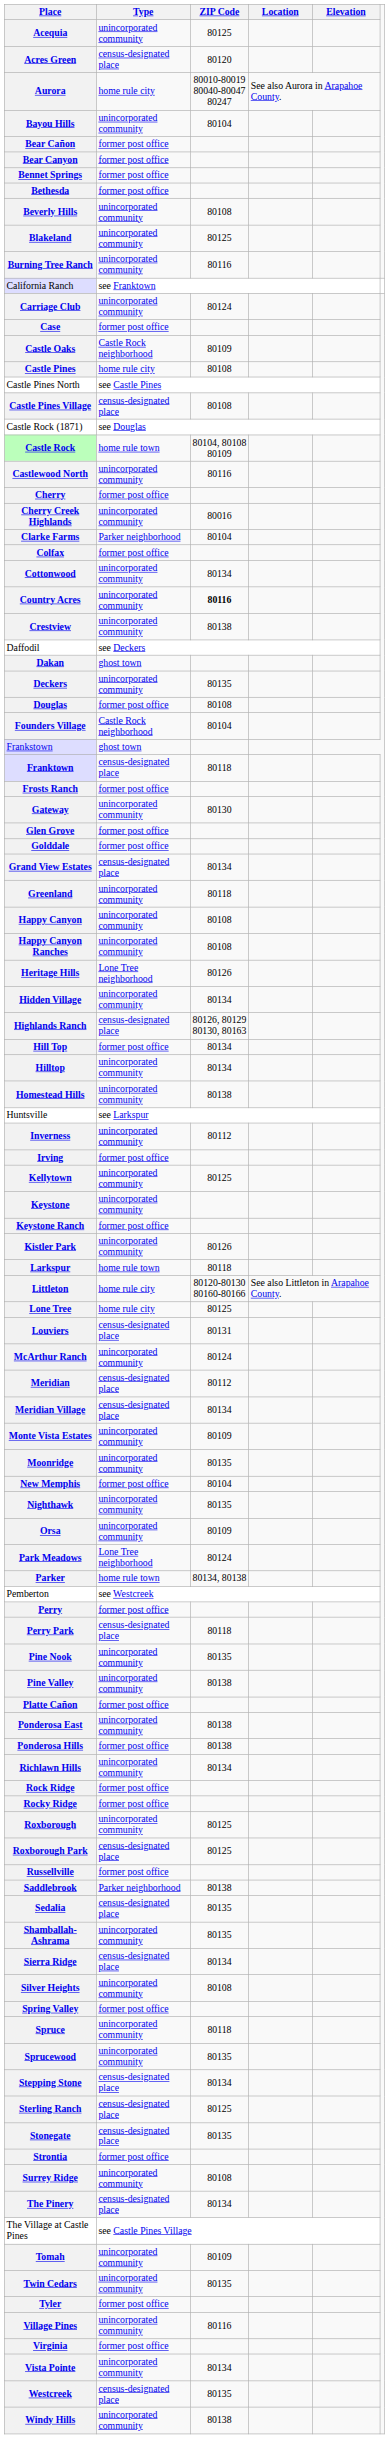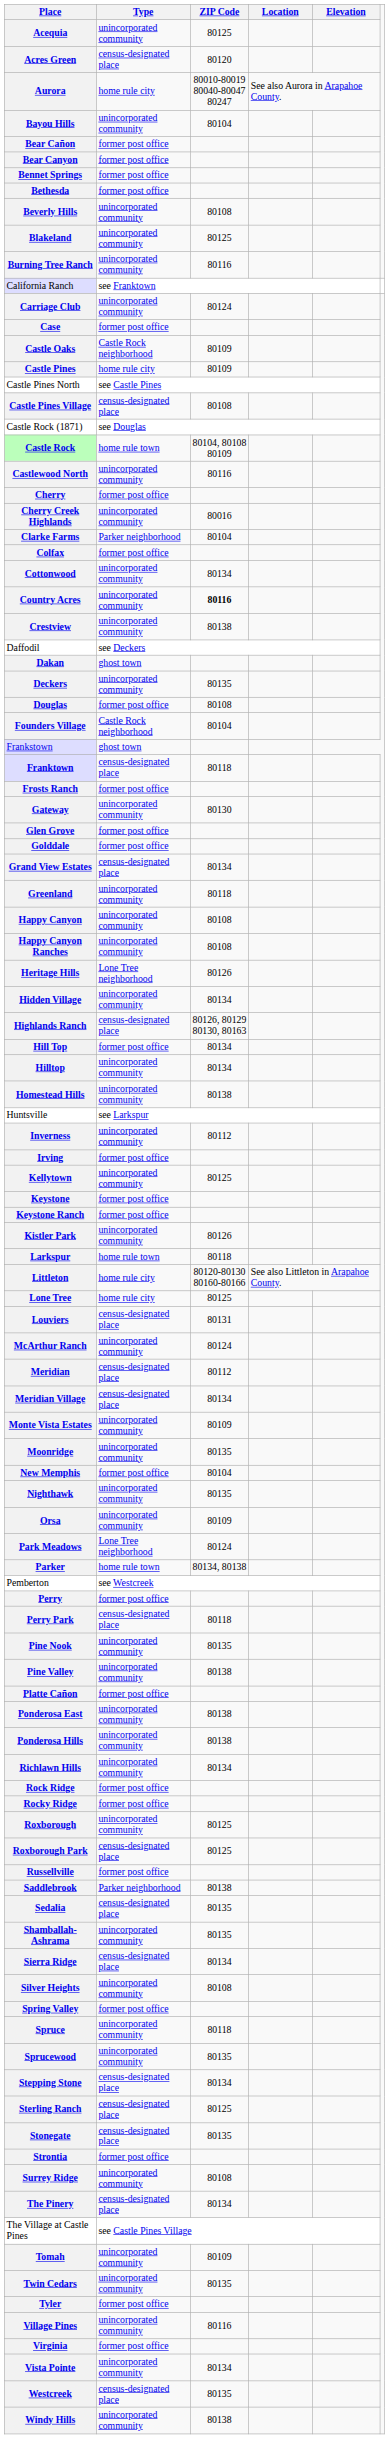 <table class="wikitable sortable  plainrowheaders" style="margin:auto;">
 <tr>
 <th scope=col><a href='#'>Place</a></th>
 <th scope=col><a href='#'>Type</a></th>
 <th scope=col><a href='#'>ZIP Code</a></th>
 <th scope=col><a href='#'>Location</a></th>
 <th scope=col><a href='#'>Elevation</a></th>
 </tr>
 <tr>
 <th scope=row><a href='#'>Acequia</a></th>
 <td><a href='#'>unincorporated community</a></td>
 <td align=center>80125</td>
 <td></td>
 <td align=right></td>
 </tr>
 <tr>
 <th scope=row><a href='#'>Acres Green</a></th>
 <td><a href='#'>census-designated place</a></td>
 <td align=center>80120</td>
 <td></td>
 <td align=right></td>
 </tr>
 <tr>
 <th scope=row><a href='#'>Aurora</a></th>
 <td><a href='#'>home rule city</a></td>
 <td align=center>80010-80019<br>80040-80047<br>80247</td>
 <td colspan=2>See also Aurora in <a href='#'>Arapahoe County</a>.</td>
 </tr>
 <tr>
 <th scope=row><a href='#'>Bayou Hills</a></th>
 <td><a href='#'>unincorporated community</a></td>
 <td align=center>80104</td>
 <td></td>
 <td align=right></td>
 </tr>
 <tr>
 <th scope=row><a href='#'>Bear Cañon</a></th>
 <td><a href='#'>former post office</a></td>
 <td align=center></td>
 <td></td>
 <td></td>
 </tr>
 <tr>
 <th scope=row><a href='#'>Bear Canyon</a></th>
 <td><a href='#'>former post office</a></td>
 <td align=center></td>
 <td></td>
 <td></td>
 </tr>
 <tr>
 <th scope=row><a href='#'>Bennet Springs</a></th>
 <td><a href='#'>former post office</a></td>
 <td align=center></td>
 <td></td>
 <td></td>
 </tr>
 <tr>
 <th scope=row><a href='#'>Bethesda</a></th>
 <td><a href='#'>former post office</a></td>
 <td align=center></td>
 <td></td>
 <td></td>
 </tr>
 <tr>
 <th scope=row><a href='#'>Beverly Hills</a></th>
 <td><a href='#'>unincorporated community</a></td>
 <td align=center>80108</td>
 <td></td>
 <td align=right></td>
 </tr>
 <tr>
 <th scope=row><a href='#'>Blakeland</a></th>
 <td><a href='#'>unincorporated community</a></td>
 <td align=center>80125</td>
 <td></td>
 <td align=right></td>
 </tr>
 <tr>
 <th scope=row><a href='#'>Burning Tree Ranch</a></th>
 <td><a href='#'>unincorporated community</a></td>
 <td align=center>80116</td>
 <td></td>
 <td align=right></td>
 </tr>
 <tr bgcolor=white>
 <td style="background:#DDDDFF;">California Ranch</td>
 <td colspan=4>see <a href='#'>Franktown</a></td>
 <td align=center></td>
 </tr>
 <tr>
 <th scope=row><a href='#'>Carriage Club</a></th>
 <td><a href='#'>unincorporated community</a></td>
 <td align=center>80124</td>
 <td></td>
 <td align=right></td>
 </tr>
 <tr>
 <th scope=row><a href='#'>Case</a></th>
 <td><a href='#'>former post office</a></td>
 <td align=center></td>
 <td></td>
 <td></td>
 </tr>
 <tr>
 <th scope=row><a href='#'>Castle Oaks</a></th>
 <td><a href='#'>Castle Rock neighborhood</a></td>
 <td align=center>80109</td>
 <td></td>
 <td align=right></td>
 </tr>
 <tr>
 <th scope=row><a href='#'>Castle Pines</a></th>
 <td><a href='#'>home rule city</a></td>
-<td align=center>80108</td>
+<td align=center>80109</td>
 <td></td>
 <td align=right></td>
 </tr>
 <tr bgcolor=white>
 <td>Castle Pines North</td>
 <td colspan=4>see <a href='#'>Castle Pines</a></td>
 </tr>
 <tr>
 <th scope=row><a href='#'>Castle Pines Village</a></th>
 <td><a href='#'>census-designated place</a></td>
 <td align=center>80108</td>
 <td></td>
 <td align=right></td>
 </tr>
 <tr bgcolor=white>
 <td>Castle Rock (1871)</td>
 <td colspan=4>see <a href='#'>Douglas</a></td>
 </tr>
 <tr>
 <th scope=row style="background:#BBFFBB;"><a href='#'>Castle Rock</a></th>
 <td><a href='#'>home rule town</a></td>
 <td align=center>80104, 80108<br>80109</td>
 <td></td>
 <td align=right></td>
 </tr>
 <tr>
 <th scope=row><a href='#'>Castlewood North</a></th>
 <td><a href='#'>unincorporated community</a></td>
 <td align=center>80116</td>
 <td></td>
 <td align=right></td>
 </tr>
 <tr>
 <th scope=row><a href='#'>Cherry</a></th>
 <td><a href='#'>former post office</a></td>
 <td align=center></td>
 <td></td>
 <td></td>
 </tr>
 <tr>
 <th scope=row><a href='#'>Cherry Creek Highlands</a></th>
 <td><a href='#'>unincorporated community</a></td>
 <td align=center>80016</td>
 <td></td>
 <td align=right></td>
 </tr>
 <tr>
 <th scope=row><a href='#'>Clarke Farms</a></th>
 <td><a href='#'>Parker neighborhood</a></td>
 <td align=center>80104</td>
 <td></td>
 <td align=right></td>
 </tr>
 <tr>
 <th scope=row><a href='#'>Colfax</a></th>
 <td><a href='#'>former post office</a></td>
 <td align=center></td>
 <td></td>
 <td></td>
 </tr>
 <tr>
 <th scope=row><a href='#'>Cottonwood</a></th>
 <td><a href='#'>unincorporated community</a></td>
 <td align=center>80134</td>
 <td></td>
 <td align=right></td>
 </tr>
 <tr>
 <th scope=row><a href='#'>Country Acres</a></th>
 <td><a href='#'>unincorporated community</a></td>
 <td align=center><strong>80116</strong></td>
 <td></td>
 <td align=right></td>
 </tr>
 <tr>
 <th scope=row><a href='#'>Crestview</a></th>
 <td><a href='#'>unincorporated community</a></td>
 <td align=center>80138</td>
 <td></td>
 <td align=right></td>
 </tr>
 <tr bgcolor=white>
 <td>Daffodil</td>
 <td colspan=4>see <a href='#'>Deckers</a></td>
 </tr>
 <tr>
 <th scope=row><a href='#'>Dakan</a></th>
 <td><a href='#'>ghost town</a></td>
 <td align=center></td>
 <td></td>
 <td></td>
 </tr>
 <tr>
 <th scope=row><a href='#'>Deckers</a></th>
 <td><a href='#'>unincorporated community</a></td>
 <td align=center>80135</td>
 <td></td>
 <td align=right></td>
 </tr>
 <tr>
 <th scope=row><a href='#'>Douglas</a></th>
 <td><a href='#'>former post office</a></td>
 <td align=center>80108</td>
 <td></td>
 <td></td>
 </tr>
 <tr>
 <th scope=row><a href='#'>Founders Village</a></th>
 <td><a href='#'>Castle Rock neighborhood</a></td>
 <td align=center>80104</td>
 <td></td>
 <td align=right></td>
 </tr>
 <tr>
 <td style="background:#DDDDFF;"><a href='#'>Frankstown</a></td>
 <td><a href='#'>ghost town</a></td>
 <td></td>
 <td></td>
 </tr>
 <tr>
 <th scope=row style="background:#DDDDFF;"><a href='#'>Franktown</a></th>
 <td><a href='#'>census-designated place</a></td>
 <td align=center>80118</td>
 <td></td>
 <td align=right></td>
 </tr>
 <tr>
 <th scope=row><a href='#'>Frosts Ranch</a></th>
 <td><a href='#'>former post office</a></td>
 <td align=center></td>
 <td></td>
 <td></td>
 </tr>
 <tr>
 <th scope=row><a href='#'>Gateway</a></th>
 <td><a href='#'>unincorporated community</a></td>
 <td align=center>80130</td>
 <td></td>
 <td align=right></td>
 </tr>
 <tr>
 <th scope=row><a href='#'>Glen Grove</a></th>
 <td><a href='#'>former post office</a></td>
 <td align=center></td>
 <td></td>
 <td></td>
 </tr>
 <tr>
 <th scope=row><a href='#'>Golddale</a></th>
 <td><a href='#'>former post office</a></td>
 <td align=center></td>
 <td></td>
 <td></td>
 </tr>
 <tr>
 <th scope=row><a href='#'>Grand View Estates</a></th>
 <td><a href='#'>census-designated place</a></td>
 <td align=center>80134</td>
 <td></td>
 <td align=right></td>
 </tr>
 <tr>
 <th scope=row><a href='#'>Greenland</a></th>
 <td><a href='#'>unincorporated community</a></td>
 <td align=center>80118</td>
 <td></td>
 <td align=right></td>
 </tr>
 <tr>
 <th scope=row><a href='#'>Happy Canyon</a></th>
 <td><a href='#'>unincorporated community</a></td>
 <td align=center>80108</td>
 <td></td>
 <td align=right></td>
 </tr>
 <tr>
 <th scope=row><a href='#'>Happy Canyon Ranches</a></th>
 <td><a href='#'>unincorporated community</a></td>
 <td align=center>80108</td>
 <td></td>
 <td align=right></td>
 </tr>
 <tr>
 <th scope=row><a href='#'>Heritage Hills</a></th>
 <td><a href='#'>Lone Tree neighborhood</a></td>
 <td align=center>80126</td>
 <td></td>
 <td align=right></td>
 </tr>
 <tr>
 <th scope=row><a href='#'>Hidden Village</a></th>
 <td><a href='#'>unincorporated community</a></td>
 <td align=center>80134</td>
 <td></td>
 <td align=right></td>
 </tr>
 <tr>
 <th scope=row><a href='#'>Highlands Ranch</a></th>
 <td><a href='#'>census-designated place</a></td>
 <td align=center>80126, 80129<br>80130, 80163</td>
 <td></td>
 <td align=right></td>
 </tr>
 <tr>
 <th scope=row><a href='#'>Hill Top</a></th>
 <td><a href='#'>former post office</a></td>
 <td align=center>80134</td>
 <td></td>
 <td></td>
 </tr>
 <tr>
 <th scope=row><a href='#'>Hilltop</a></th>
 <td><a href='#'>unincorporated community</a></td>
 <td align=center>80134</td>
 <td></td>
 <td align=right></td>
 </tr>
 <tr>
 <th scope=row><a href='#'>Homestead Hills</a></th>
 <td><a href='#'>unincorporated community</a></td>
 <td align=center>80138</td>
 <td></td>
 <td align=right></td>
 </tr>
 <tr bgcolor=white>
 <td>Huntsville</td>
 <td colspan=4>see <a href='#'>Larkspur</a></td>
 </tr>
 <tr>
 <th scope=row><a href='#'>Inverness</a></th>
 <td><a href='#'>unincorporated community</a></td>
 <td align=center>80112</td>
 <td></td>
 <td align=right></td>
 </tr>
 <tr>
 <th scope=row><a href='#'>Irving</a></th>
 <td><a href='#'>former post office</a></td>
 <td align=center></td>
 <td></td>
 <td></td>
 </tr>
 <tr>
 <th scope=row><a href='#'>Kellytown</a></th>
 <td><a href='#'>unincorporated community</a></td>
 <td align=center>80125</td>
 <td></td>
 <td align=right></td>
 </tr>
 <tr>
 <th scope=row><a href='#'>Keystone</a></th>
-<td><a href='#'>unincorporated community</a></td>
+<td><a href='#'>former post office</a></td>
 <td align=center></td>
 <td></td>
 <td></td>
 </tr>
 <tr>
 <th scope=row><a href='#'>Keystone Ranch</a></th>
 <td><a href='#'>former post office</a></td>
 <td align=center></td>
 <td></td>
 <td></td>
 </tr>
 <tr>
 <th scope=row><a href='#'>Kistler Park</a></th>
 <td><a href='#'>unincorporated community</a></td>
 <td align=center>80126</td>
 <td></td>
 <td align=right></td>
 </tr>
 <tr>
 <th scope=row><a href='#'>Larkspur</a></th>
 <td><a href='#'>home rule town</a></td>
 <td align=center>80118</td>
 <td></td>
 <td align=right></td>
 </tr>
 <tr>
 <th scope=row><a href='#'>Littleton</a></th>
 <td><a href='#'>home rule city</a></td>
 <td align=center>80120-80130<br>80160-80166</td>
 <td colspan=2>See also Littleton in <a href='#'>Arapahoe County</a>.</td>
 </tr>
 <tr>
 <th scope=row><a href='#'>Lone Tree</a></th>
 <td><a href='#'>home rule city</a></td>
 <td align=center>80125</td>
 <td></td>
 <td align=right></td>
 </tr>
 <tr>
 <th scope=row><a href='#'>Louviers</a></th>
 <td><a href='#'>census-designated place</a></td>
 <td align=center>80131</td>
 <td></td>
 <td align=right></td>
 </tr>
 <tr>
 <th scope=row><a href='#'>McArthur Ranch</a></th>
 <td><a href='#'>unincorporated community</a></td>
 <td align=center>80124</td>
 <td></td>
 <td align=right></td>
 </tr>
 <tr>
 <th scope=row><a href='#'>Meridian</a></th>
 <td><a href='#'>census-designated place</a></td>
 <td align=center>80112</td>
 <td></td>
 <td align=right></td>
 </tr>
 <tr>
 <th scope=row><a href='#'>Meridian Village</a></th>
 <td><a href='#'>census-designated place</a></td>
 <td align=center>80134</td>
 <td></td>
 <td align=right></td>
 </tr>
 <tr>
 <th scope=row><a href='#'>Monte Vista Estates</a></th>
 <td><a href='#'>unincorporated community</a></td>
 <td align=center>80109</td>
 <td></td>
 <td align=right></td>
 </tr>
 <tr>
 <th scope=row><a href='#'>Moonridge</a></th>
 <td><a href='#'>unincorporated community</a></td>
 <td align=center>80135</td>
 <td></td>
 <td align=right></td>
 </tr>
 <tr>
 <th scope=row><a href='#'>New Memphis</a></th>
 <td><a href='#'>former post office</a></td>
 <td align=center>80104</td>
 <td></td>
 <td></td>
 </tr>
 <tr>
 <th scope=row><a href='#'>Nighthawk</a></th>
 <td><a href='#'>unincorporated community</a></td>
 <td align=center>80135</td>
 <td></td>
 <td align=right></td>
 </tr>
 <tr>
 <th scope=row><a href='#'>Orsa</a></th>
 <td><a href='#'>unincorporated community</a></td>
 <td align=center>80109</td>
 <td></td>
 <td align=right></td>
 </tr>
 <tr>
 <th scope=row><a href='#'>Park Meadows</a></th>
 <td><a href='#'>Lone Tree neighborhood</a></td>
 <td align=center>80124</td>
 <td></td>
 <td align=right></td>
 </tr>
 <tr>
 <th scope=row><a href='#'>Parker</a></th>
 <td><a href='#'>home rule town</a></td>
 <td align=center>80134, 80138</td>
 <td></td>
 <td align=right></td>
 </tr>
 <tr bgcolor=white>
 <td>Pemberton</td>
 <td colspan=4>see <a href='#'>Westcreek</a></td>
 </tr>
 <tr>
 <th scope=row><a href='#'>Perry</a></th>
 <td><a href='#'>former post office</a></td>
 <td align=center></td>
 <td></td>
 <td></td>
 </tr>
 <tr>
 <th scope=row><a href='#'>Perry Park</a></th>
 <td><a href='#'>census-designated place</a></td>
 <td align=center>80118</td>
 <td></td>
 <td align=right></td>
 </tr>
 <tr>
 <th scope=row><a href='#'>Pine Nook</a></th>
 <td><a href='#'>unincorporated community</a></td>
 <td align=center>80135</td>
 <td></td>
 <td align=right></td>
 </tr>
 <tr>
 <th scope=row><a href='#'>Pine Valley</a></th>
 <td><a href='#'>unincorporated community</a></td>
 <td align=center>80138</td>
 <td></td>
 <td align=right></td>
 </tr>
 <tr>
 <th scope=row><a href='#'>Platte Cañon</a></th>
 <td><a href='#'>former post office</a></td>
 <td align=center></td>
 <td></td>
 <td></td>
 </tr>
 <tr>
 <th scope=row><a href='#'>Ponderosa East</a></th>
 <td><a href='#'>unincorporated community</a></td>
 <td align=center>80138</td>
 <td></td>
 <td align=right></td>
 </tr>
 <tr>
 <th scope=row><a href='#'>Ponderosa Hills</a></th>
-<td><a href='#'>former post office</a></td>
+<td><a href='#'>unincorporated community</a></td>
 <td align=center>80138</td>
 <td></td>
 <td align=right></td>
 </tr>
 <tr>
 <th scope=row><a href='#'>Richlawn Hills</a></th>
 <td><a href='#'>unincorporated community</a></td>
 <td align=center>80134</td>
 <td></td>
 <td align=right></td>
 </tr>
 <tr>
 <th scope=row><a href='#'>Rock Ridge</a></th>
 <td><a href='#'>former post office</a></td>
 <td align=center></td>
 <td></td>
 <td></td>
 </tr>
 <tr>
 <th scope=row><a href='#'>Rocky Ridge</a></th>
 <td><a href='#'>former post office</a></td>
 <td align=center></td>
 <td></td>
 <td></td>
 </tr>
 <tr>
 <th scope=row><a href='#'>Roxborough</a></th>
 <td><a href='#'>unincorporated community</a></td>
 <td align=center>80125</td>
 <td></td>
 <td align=right></td>
 </tr>
 <tr>
 <th scope=row><a href='#'>Roxborough Park</a></th>
 <td><a href='#'>census-designated place</a></td>
 <td align=center>80125</td>
 <td></td>
 <td align=right></td>
 </tr>
 <tr>
 <th scope=row><a href='#'>Russellville</a></th>
 <td><a href='#'>former post office</a></td>
 <td align=center></td>
 <td></td>
 <td></td>
 </tr>
 <tr>
 <th scope=row><a href='#'>Saddlebrook</a></th>
 <td><a href='#'>Parker neighborhood</a></td>
 <td align=center>80138</td>
 <td></td>
 <td align=right></td>
 </tr>
 <tr>
 <th scope=row><a href='#'>Sedalia</a></th>
 <td><a href='#'>census-designated place</a></td>
 <td align=center>80135</td>
 <td></td>
 <td align=right></td>
 </tr>
 <tr>
 <th scope=row><a href='#'>Shamballah-Ashrama</a></th>
 <td><a href='#'>unincorporated community</a></td>
 <td align=center>80135</td>
 <td></td>
 <td align=right></td>
 </tr>
 <tr>
 <th scope=row><a href='#'>Sierra Ridge</a></th>
 <td><a href='#'>census-designated place</a></td>
 <td align=center>80134</td>
 <td></td>
 <td align=right></td>
 </tr>
 <tr>
 <th scope=row><a href='#'>Silver Heights</a></th>
 <td><a href='#'>unincorporated community</a></td>
 <td align=center>80108</td>
 <td></td>
 <td align=right></td>
 </tr>
 <tr>
 <th scope=row><a href='#'>Spring Valley</a></th>
 <td><a href='#'>former post office</a></td>
 <td align=center></td>
 <td></td>
 <td></td>
 </tr>
 <tr>
 <th scope=row><a href='#'>Spruce</a></th>
 <td><a href='#'>unincorporated community</a></td>
 <td align=center>80118</td>
 <td></td>
 <td align=right></td>
 </tr>
 <tr>
 <th scope=row><a href='#'>Sprucewood</a></th>
 <td><a href='#'>unincorporated community</a></td>
 <td align=center>80135</td>
 <td></td>
 <td align=right></td>
 </tr>
 <tr>
 <th scope=row><a href='#'>Stepping Stone</a></th>
 <td><a href='#'>census-designated place</a></td>
 <td align=center>80134</td>
 <td></td>
 <td align=right></td>
 </tr>
 <tr>
 <th scope=row><a href='#'>Sterling Ranch</a></th>
 <td><a href='#'>census-designated place</a></td>
 <td align=center>80125</td>
 <td></td>
 <td align=right></td>
 </tr>
 <tr>
 <th scope=row><a href='#'>Stonegate</a></th>
 <td><a href='#'>census-designated place</a></td>
 <td align=center>80135</td>
 <td></td>
 <td align=right></td>
 </tr>
 <tr>
 <th scope=row><a href='#'>Strontia</a></th>
 <td><a href='#'>former post office</a></td>
 <td align=center></td>
 <td></td>
 <td></td>
 </tr>
 <tr>
 <th scope=row><a href='#'>Surrey Ridge</a></th>
 <td><a href='#'>unincorporated community</a></td>
 <td align=center>80108</td>
 <td></td>
 <td align=right></td>
 </tr>
 <tr>
 <th scope=row><a href='#'>The Pinery</a></th>
 <td><a href='#'>census-designated place</a></td>
 <td align=center>80134</td>
 <td></td>
 <td align=right></td>
 </tr>
 <tr bgcolor=white>
 <td>The Village at Castle Pines</td>
 <td colspan=4>see <a href='#'>Castle Pines Village</a></td>
 </tr>
 <tr>
 <th scope=row><a href='#'>Tomah</a></th>
 <td><a href='#'>unincorporated community</a></td>
 <td align=center>80109</td>
 <td></td>
 <td align=right></td>
 </tr>
 <tr>
 <th scope=row><a href='#'>Twin Cedars</a></th>
 <td><a href='#'>unincorporated community</a></td>
 <td align=center>80135</td>
 <td></td>
 <td align=right></td>
 </tr>
 <tr>
 <th scope=row><a href='#'>Tyler</a></th>
 <td><a href='#'>former post office</a></td>
 <td align=center></td>
 <td></td>
 <td></td>
 </tr>
 <tr>
 <th scope=row><a href='#'>Village Pines</a></th>
 <td><a href='#'>unincorporated community</a></td>
 <td align=center>80116</td>
 <td></td>
 <td align=right></td>
 </tr>
 <tr>
 <th scope=row><a href='#'>Virginia</a></th>
 <td><a href='#'>former post office</a></td>
 <td align=center></td>
 <td></td>
 <td></td>
 </tr>
 <tr>
 <th scope=row><a href='#'>Vista Pointe</a></th>
 <td><a href='#'>unincorporated community</a></td>
 <td align=center>80134</td>
 <td></td>
 <td align=right></td>
 </tr>
 <tr>
 <th scope=row><a href='#'>Westcreek</a></th>
 <td><a href='#'>census-designated place</a></td>
 <td align=center>80135</td>
 <td></td>
 <td align=right></td>
 </tr>
 <tr>
 <th scope=row><a href='#'>Windy Hills</a></th>
 <td><a href='#'>unincorporated community</a></td>
 <td align=center>80138</td>
 <td></td>
 <td align=right></td>
 </tr>
 </table>
